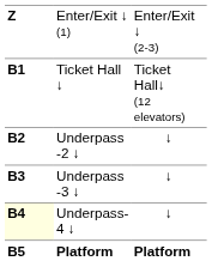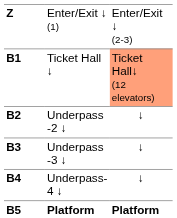 <table border="0" cellspacing="0" cellpadding="3">
 <tr>
 <td style="border-top:solid 1px gray;" width="50" valign="top"><strong>Z</strong></td>
 <td style="border-top:solid 1px gray;" width="80" valign="top">Enter/Exit ↓<br><small>(1)</small></td>
 <td style="border-top:solid 1px gray;" width="80" valign="top">Enter/Exit ↓<br><small>(2-3)</small></td>
 </tr>
 <tr>
 <td style="border-top:solid 1px gray;" width="50" valign="top"><strong>B1</strong></td>
 <td style="border-top:solid 1px gray;" width="80" valign="top">Ticket Hall ↓</td>
-<td style="border-top:solid 1px gray;" width="80" valign="top">Ticket Hall↓<br><small>(12 elevators)</small></td>
+<td style="background: lightsalmon; border-top:solid 1px gray;" width="80" valign="top">Ticket Hall↓<br><small>(12 elevators)</small></td>
 </tr>
 <tr>
 <td style="border-top:solid 1px gray;" width="50" valign="top"><strong>B2</strong></td>
 <td style="border-top:solid 1px gray;" width="80" valign="top">Underpass -2 ↓</td>
 <td style="border-top:solid 1px gray;text-align:center;" width="80" valign="top">↓</td>
 </tr>
 <tr>
 <td style="border-top:solid 1px gray;" width="50" valign="top"><strong>B3</strong></td>
 <td style="border-top:solid 1px gray;" width="80" valign="top">Underpass -3 ↓</td>
 <td style="border-top:solid 1px gray;text-align:center;" width="80" valign="top">↓</td>
 </tr>
 <tr>
-<td style="background: lightyellow; border-top:solid 1px gray;" width="50" valign="top"><strong>B4</strong></td>
+<td style="border-top:solid 1px gray;" width="50" valign="top"><strong>B4</strong></td>
 <td style="border-top:solid 1px gray;" width="80" valign="top">Underpass-4 ↓</td>
 <td style="border-top:solid 1px gray;text-align:center;" width="80" valign="top">↓</td>
 </tr>
 <tr>
 <td style="border-top:solid 1px gray;" width="50" valign="top"><strong>B5</strong></td>
 <td style="border-top:solid 1px gray;" width="80" valign="top"><strong>Platform</strong></td>
 <td style="border-top:solid 1px gray;" width="80" valign="top"><strong>Platform</strong></td>
 </tr>
 </table>
